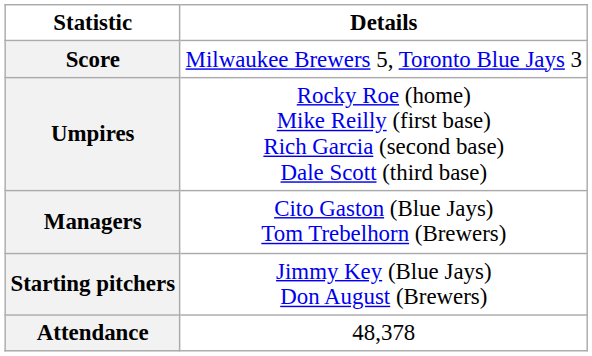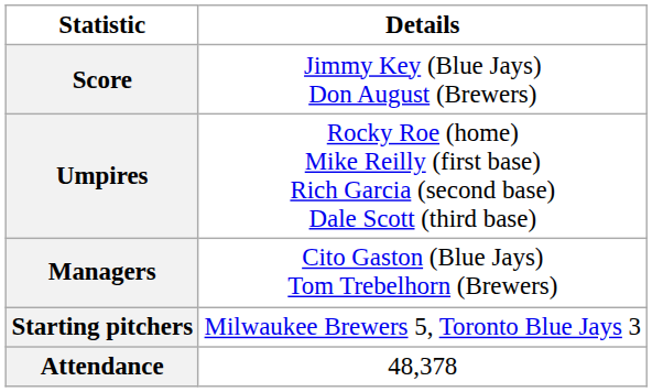 <table class="wikitable" align=center style="margin-left:15px; text-align:center; background:#ffffff;">
 <tr>
 <td><strong>Statistic</strong></td>
 <td><strong>Details</strong></td>
 </tr>
 <tr>
 <th>Score</th>
-<td><a href='#'>Milwaukee Brewers</a> 5, <a href='#'>Toronto Blue Jays</a> 3</td>
+<td><a href='#'>Jimmy Key</a> (Blue Jays)<br><a href='#'>Don August</a> (Brewers)</td>
 </tr>
 <tr>
 <th>Umpires</th>
 <td><a href='#'>Rocky Roe</a> (home)<br><a href='#'>Mike Reilly</a> (first base)<br><a href='#'>Rich Garcia</a> (second base)<br><a href='#'>Dale Scott</a> (third base)</td>
 </tr>
 <tr>
 <th>Managers</th>
 <td><a href='#'>Cito Gaston</a> (Blue Jays)<br><a href='#'>Tom Trebelhorn</a> (Brewers)</td>
 </tr>
 <tr>
 <th>Starting pitchers</th>
-<td><a href='#'>Jimmy Key</a> (Blue Jays)<br><a href='#'>Don August</a> (Brewers)</td>
+<td><a href='#'>Milwaukee Brewers</a> 5, <a href='#'>Toronto Blue Jays</a> 3</td>
 </tr>
 <tr>
 <th>Attendance</th>
 <td>48,378</td>
 </tr>
 </table>
